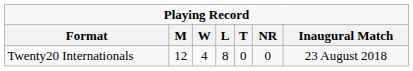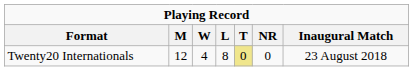 <table class="wikitable" style="text-align: center; width: 500px;">
 <tr>
 <td colspan=7 align="center"><strong>Playing Record</strong></td>
 </tr>
 <tr>
 <th>Format</th>
 <th>M</th>
 <th>W</th>
 <th>L</th>
 <th>T</th>
 <th>NR</th>
 <th>Inaugural Match</th>
 </tr>
 <tr>
 <td align="left">Twenty20 Internationals</td>
 <td>12</td>
 <td>4</td>
 <td>8</td>
-<td>0</td>
+<td style="background: khaki;">0</td>
 <td>0</td>
 <td>23 August 2018</td>
 </tr>
 </table>
